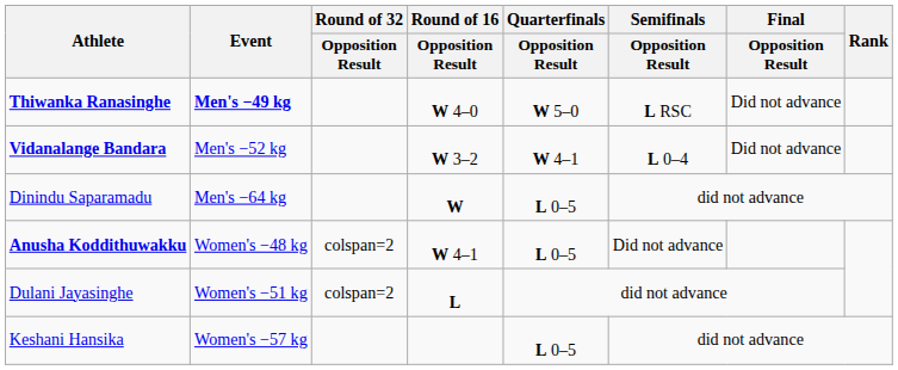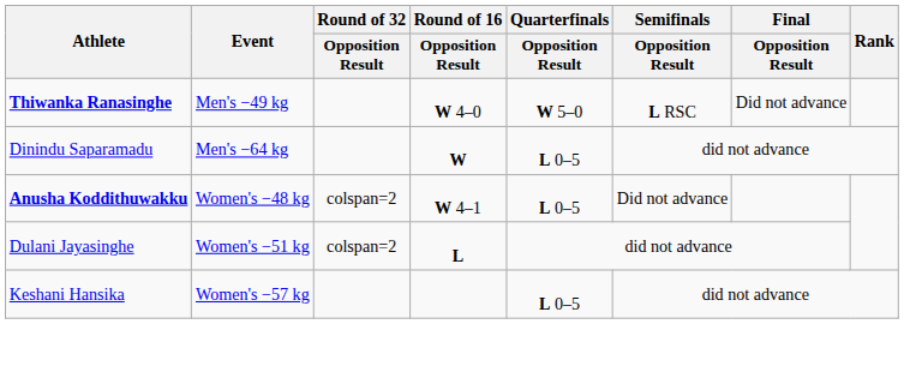 <table class="wikitable" style="font-size:90%;">
 <tr>
 <th rowspan=2>Athlete</th>
 <th rowspan=2>Event</th>
 <th>Round of 32</th>
 <th>Round of 16</th>
 <th>Quarterfinals</th>
 <th>Semifinals</th>
 <th>Final</th>
 <th rowspan=2>Rank</th>
 </tr>
 <tr style="font-size:95%">
 <th>Opposition<br>Result</th>
 <th>Opposition<br>Result</th>
 <th>Opposition<br>Result</th>
 <th>Opposition<br>Result</th>
 <th>Opposition<br>Result</th>
 </tr>
 <tr align=center>
 <td align=left><strong><a href='#'>Thiwanka Ranasinghe</a></strong></td>
-<td align=left><strong><a href='#'>Men's −49 kg</a></strong></td>
+<td align=left><a href='#'>Men's −49 kg</a></td>
 <td></td>
 <td><br><strong>W</strong> 4–0</td>
 <td><br><strong>W</strong> 5–0</td>
 <td><br><strong>L</strong> RSC</td>
-<td>Did not advance</td>
-<td></td>
-</tr>
-<tr align=center>
-<td align=left><strong><a href='#'>Vidanalange Bandara</a></strong></td>
-<td align=left><a href='#'>Men's −52 kg</a></td>
-<td></td>
-<td><br><strong>W</strong> 3–2</td>
-<td><br><strong>W</strong> 4–1</td>
-<td><br><strong>L</strong> 0–4</td>
 <td>Did not advance</td>
 <td></td>
 </tr>
 <tr align=center>
 <td align=left><a href='#'>Dinindu Saparamadu</a></td>
 <td align=left><a href='#'>Men's −64 kg</a></td>
 <td></td>
 <td><br><strong>W</strong> </td>
 <td><br><strong>L</strong> 0–5</td>
 <td colspan=3>did not advance</td>
 </tr>
 <tr align=center>
 <td align=left><strong><a href='#'>Anusha Koddithuwakku</a></strong></td>
 <td align=left><a href='#'>Women's −48 kg</a></td>
 <td>colspan=2 </td>
 <td><br><strong>W</strong> 4–1</td>
 <td><br><strong>L</strong> 0–5</td>
 <td>Did not advance</td>
 <td></td>
 </tr>
 <tr align=center>
 <td align=left><a href='#'>Dulani Jayasinghe</a></td>
 <td align=left><a href='#'>Women's −51 kg</a></td>
 <td>colspan=2 </td>
 <td><br><strong>L</strong> </td>
 <td colspan=3>did not advance</td>
 </tr>
 <tr align=center>
 <td align=left><a href='#'>Keshani Hansika</a></td>
 <td align=left><a href='#'>Women's −57 kg</a></td>
 <td></td>
 <td></td>
 <td><br><strong>L</strong> 0–5</td>
 <td colspan=3>did not advance</td>
 </tr>
 </table>
